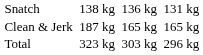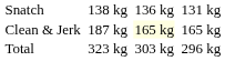 <table>
 <tr>
 <td>Snatch</td>
 <td></td>
 <td>138 kg</td>
 <td></td>
 <td>136 kg</td>
 <td></td>
 <td>131 kg</td>
 </tr>
 <tr>
 <td>Clean & Jerk</td>
 <td></td>
 <td>187 kg</td>
 <td></td>
-<td>165 kg</td>
+<td style="background: lightyellow;">165 kg</td>
 <td></td>
 <td>165 kg</td>
 </tr>
 <tr>
 <td>Total</td>
 <td></td>
 <td>323 kg</td>
 <td></td>
 <td>303 kg</td>
 <td></td>
 <td>296 kg</td>
 </tr>
 </table>
